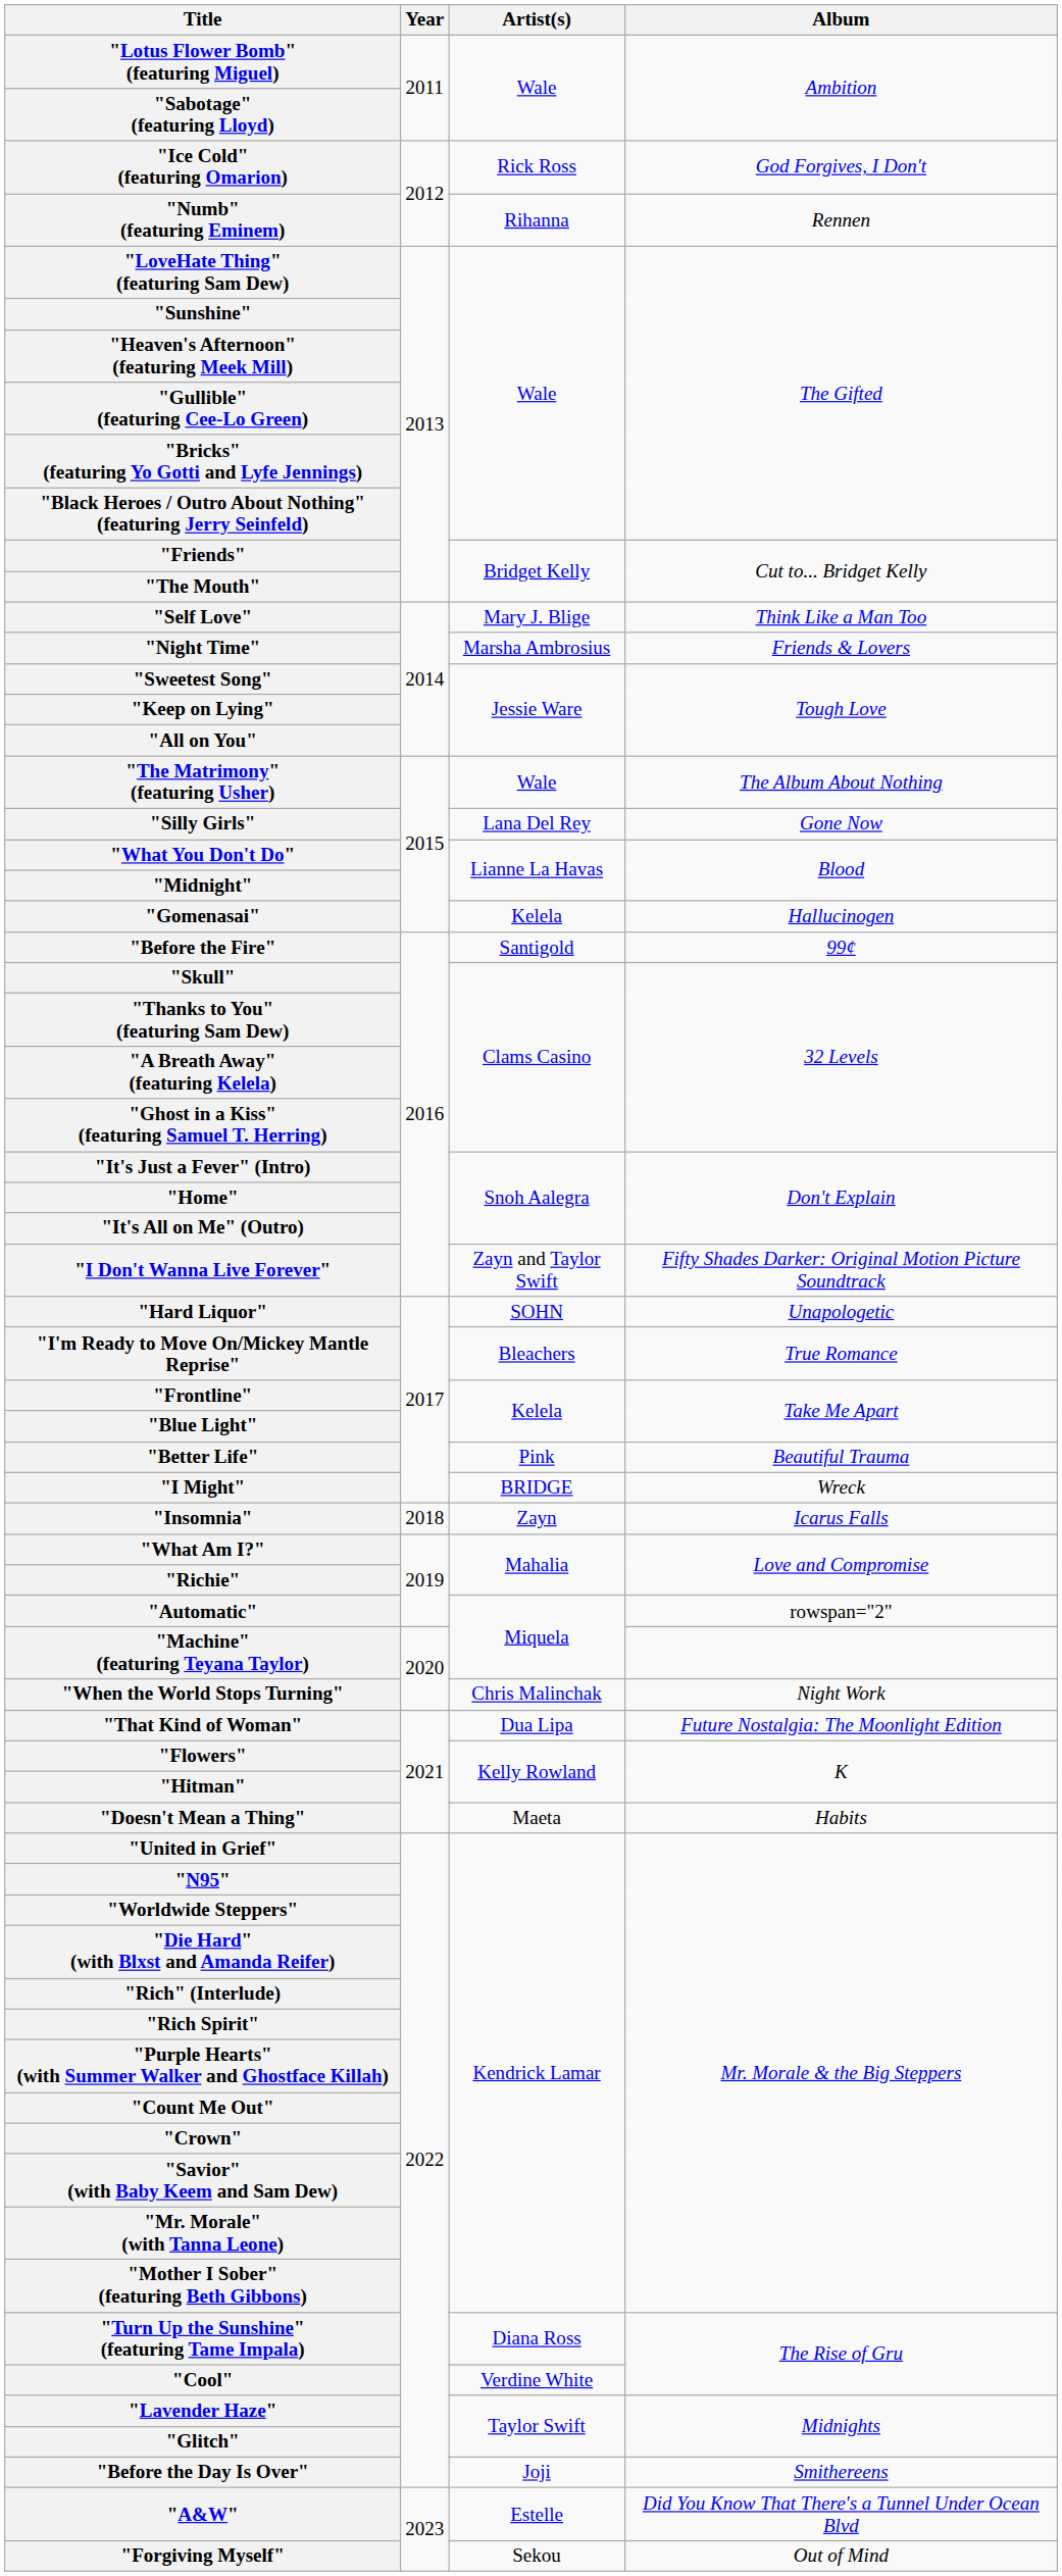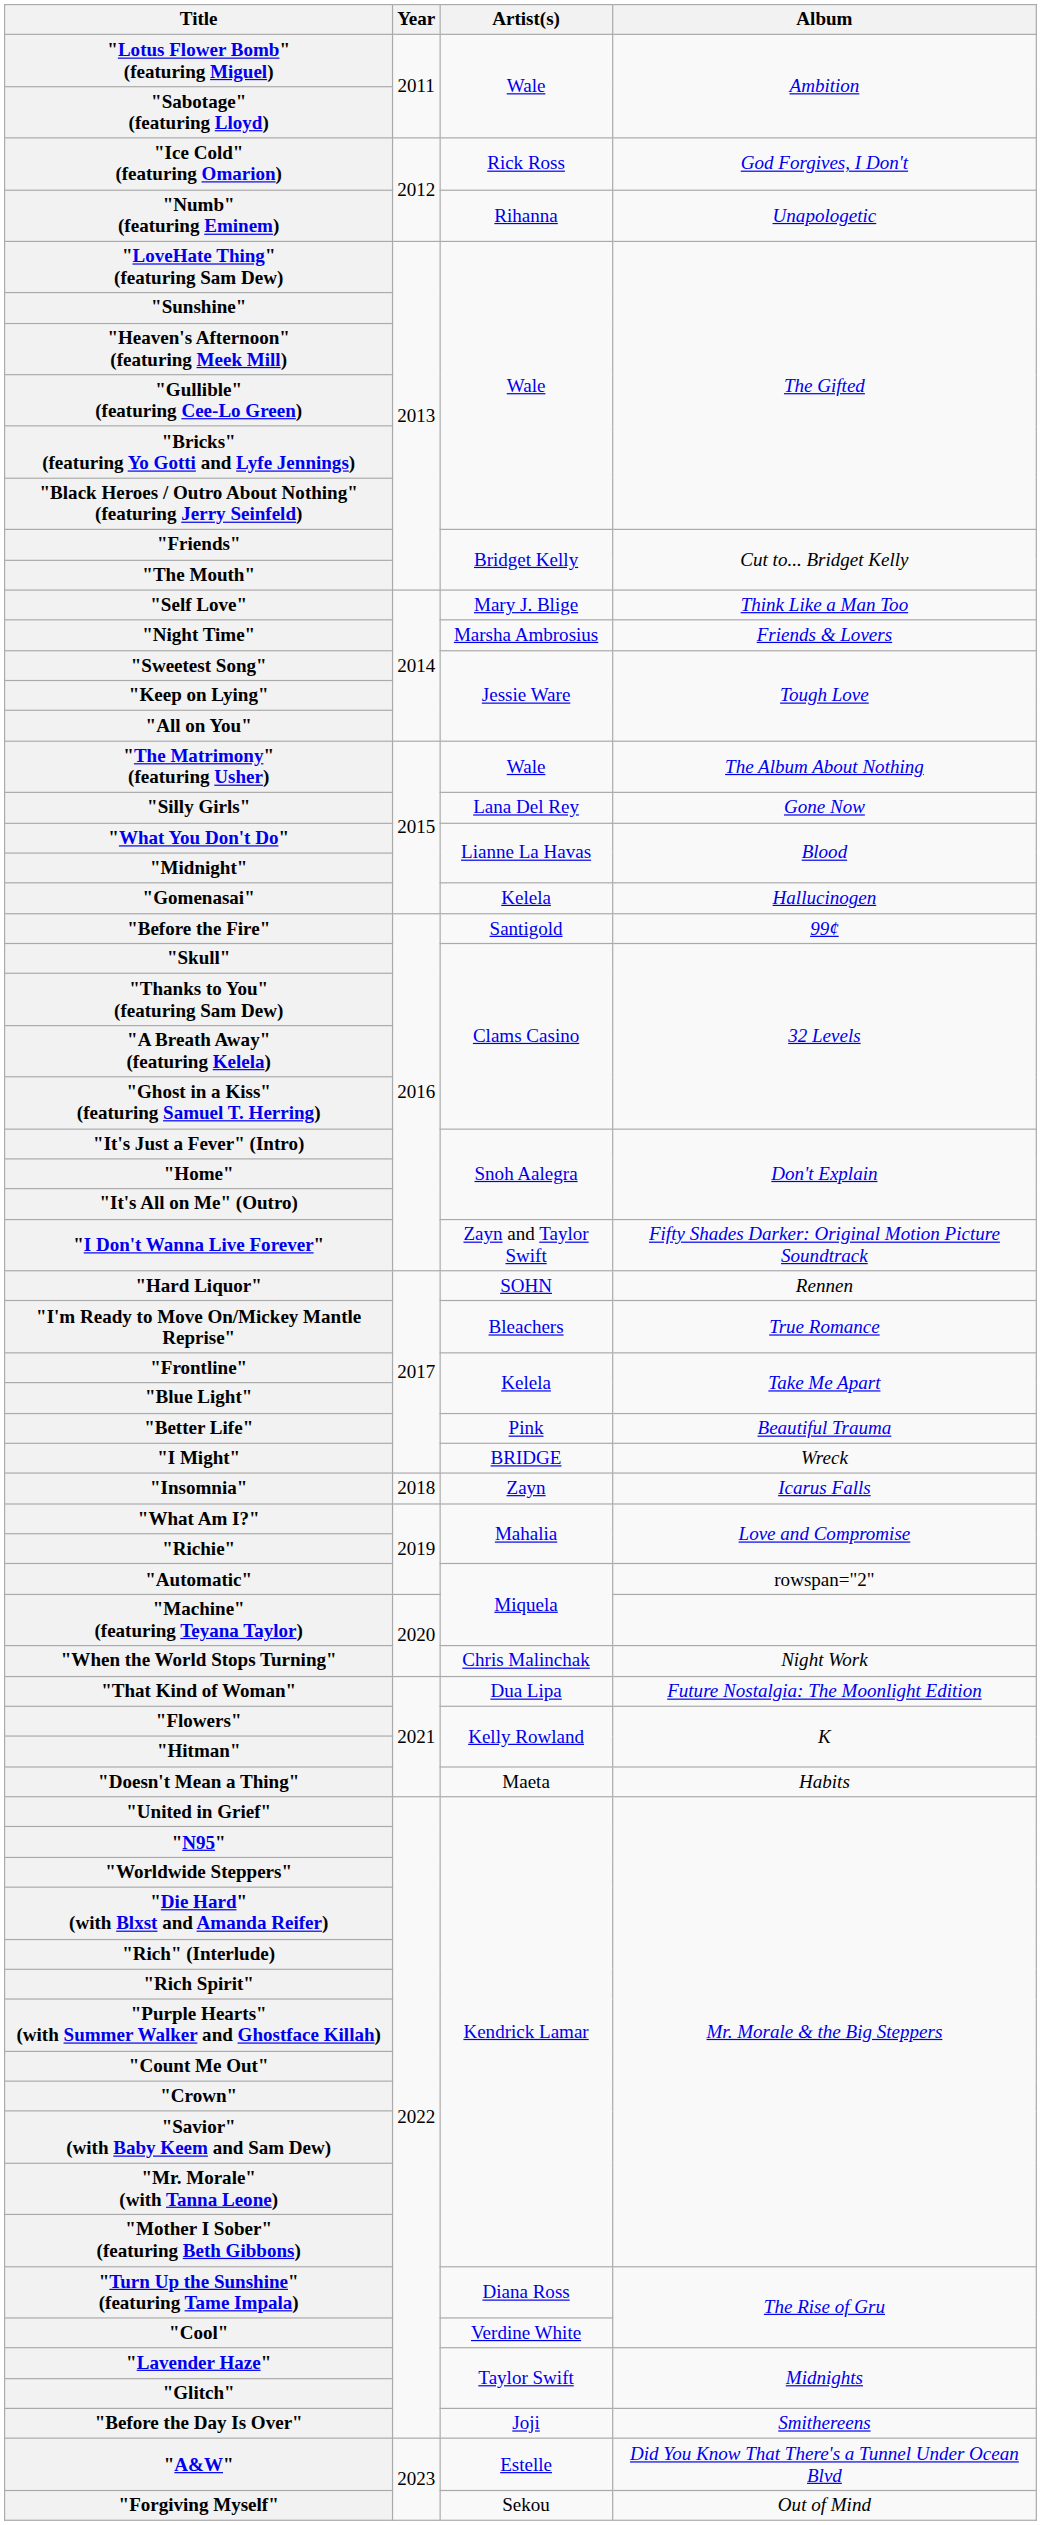 <table class="wikitable plainrowheaders" style="text-align:center;">
 <tr>
 <th>Title</th>
 <th>Year</th>
 <th>Artist(s)</th>
 <th>Album</th>
 </tr>
 <tr>
 <th scope="row">"<a href='#'>Lotus Flower Bomb</a>"<br>(featuring <a href='#'>Miguel</a>)</th>
 <td rowspan="2">2011</td>
 <td rowspan="2"><a href='#'>Wale</a></td>
 <td rowspan="2"><em><a href='#'>Ambition</a></em></td>
 </tr>
 <tr>
 <th scope="row">"Sabotage"<br>(featuring <a href='#'>Lloyd</a>)</th>
 </tr>
 <tr>
 <th scope="row">"Ice Cold"<br>(featuring <a href='#'>Omarion</a>)</th>
 <td rowspan="2">2012</td>
 <td><a href='#'>Rick Ross</a></td>
 <td><em><a href='#'>God Forgives, I Don't</a></em></td>
 </tr>
 <tr>
 <th scope="row">"Numb"<br>(featuring <a href='#'>Eminem</a>)</th>
 <td><a href='#'>Rihanna</a></td>
-<td><em>Rennen</em></td>
+<td><em><a href='#'>Unapologetic</a></em></td>
 </tr>
 <tr>
 <th scope="row">"<a href='#'>LoveHate Thing</a>"<br>(featuring Sam Dew)</th>
 <td rowspan="8">2013</td>
 <td rowspan="6"><a href='#'>Wale</a></td>
 <td rowspan="6"><em><a href='#'>The Gifted</a></em></td>
 </tr>
 <tr>
 <th scope="row">"Sunshine"</th>
 </tr>
 <tr>
 <th scope="row">"Heaven's Afternoon"<br>(featuring <a href='#'>Meek Mill</a>)</th>
 </tr>
 <tr>
 <th scope="row">"Gullible"<br>(featuring <a href='#'>Cee-Lo Green</a>)</th>
 </tr>
 <tr>
 <th scope="row">"Bricks"<br>(featuring <a href='#'>Yo Gotti</a> and <a href='#'>Lyfe Jennings</a>)</th>
 </tr>
 <tr>
 <th scope="row">"Black Heroes / Outro About Nothing"<br>(featuring <a href='#'>Jerry Seinfeld</a>)</th>
 </tr>
 <tr>
 <th scope="row">"Friends"</th>
 <td rowspan="2"><a href='#'>Bridget Kelly</a></td>
 <td rowspan="2"><em>Cut to... Bridget Kelly</em></td>
 </tr>
 <tr>
 <th scope="row">"The Mouth"</th>
 </tr>
 <tr>
 <th scope="row">"Self Love"</th>
 <td rowspan="5">2014</td>
 <td><a href='#'>Mary J. Blige</a></td>
 <td><em><a href='#'>Think Like a Man Too</a></em></td>
 </tr>
 <tr>
 <th scope="row">"Night Time"</th>
 <td><a href='#'>Marsha Ambrosius</a></td>
 <td><em><a href='#'>Friends & Lovers</a></em></td>
 </tr>
 <tr>
 <th scope="row">"Sweetest Song"</th>
 <td rowspan="3"><a href='#'>Jessie Ware</a></td>
 <td rowspan="3"><em><a href='#'>Tough Love</a></em></td>
 </tr>
 <tr>
 <th scope="row">"Keep on Lying"</th>
 </tr>
 <tr>
 <th scope="row">"All on You"</th>
 </tr>
 <tr>
 <th scope="row">"<a href='#'>The Matrimony</a>"<br>(featuring <a href='#'>Usher</a>)</th>
 <td rowspan="5">2015</td>
 <td><a href='#'>Wale</a></td>
 <td><em><a href='#'>The Album About Nothing</a></em></td>
 </tr>
 <tr>
 <th scope="row">"Silly Girls"</th>
 <td><a href='#'>Lana Del Rey</a></td>
 <td><em><a href='#'>Gone Now</a></em></td>
 </tr>
 <tr>
 <th scope="row">"<a href='#'>What You Don't Do</a>"</th>
 <td rowspan="2"><a href='#'>Lianne La Havas</a></td>
 <td rowspan="2"><em><a href='#'>Blood</a></em></td>
 </tr>
 <tr>
 <th scope="row">"Midnight"</th>
 </tr>
 <tr>
 <th scope="row">"Gomenasai"</th>
 <td><a href='#'>Kelela</a></td>
 <td><em><a href='#'>Hallucinogen</a></em></td>
 </tr>
 <tr>
 <th scope="row">"Before the Fire"</th>
 <td rowspan="9">2016</td>
 <td><a href='#'>Santigold</a></td>
 <td><em><a href='#'>99¢</a></em></td>
 </tr>
 <tr>
 <th scope="row">"Skull"</th>
 <td rowspan="4"><a href='#'>Clams Casino</a></td>
 <td rowspan="4"><em><a href='#'>32 Levels</a></em></td>
 </tr>
 <tr>
 <th scope="row">"Thanks to You"<br>(featuring Sam Dew)</th>
 </tr>
 <tr>
 <th scope="row">"A Breath Away"<br>(featuring <a href='#'>Kelela</a>)</th>
 </tr>
 <tr>
 <th scope="row">"Ghost in a Kiss"<br>(featuring <a href='#'>Samuel T. Herring</a>)</th>
 </tr>
 <tr>
 <th scope="row">"It's Just a Fever" (Intro)</th>
 <td rowspan="3"><a href='#'>Snoh Aalegra</a></td>
 <td rowspan="3"><em><a href='#'>Don't Explain</a></em></td>
 </tr>
 <tr>
 <th scope="row">"Home"</th>
 </tr>
 <tr>
 <th scope="row">"It's All on Me" (Outro)</th>
 </tr>
 <tr>
 <th scope="row">"<a href='#'>I Don't Wanna Live Forever</a>"</th>
 <td><a href='#'>Zayn</a> and <a href='#'>Taylor Swift</a></td>
 <td><em><a href='#'>Fifty Shades Darker: Original Motion Picture Soundtrack</a></em></td>
 </tr>
 <tr>
 <th scope="row">"Hard Liquor"</th>
 <td rowspan="6">2017</td>
 <td><a href='#'>SOHN</a></td>
-<td><em><a href='#'>Unapologetic</a></em></td>
+<td><em>Rennen</em></td>
 </tr>
 <tr>
 <th scope="row">"I'm Ready to Move On/Mickey Mantle Reprise"</th>
 <td><a href='#'>Bleachers</a></td>
 <td><em><a href='#'>True Romance</a></em></td>
 </tr>
 <tr>
 <th scope="row">"Frontline"</th>
 <td rowspan="2"><a href='#'>Kelela</a></td>
 <td rowspan="2"><em><a href='#'>Take Me Apart</a></em></td>
 </tr>
 <tr>
 <th scope="row">"Blue Light"</th>
 </tr>
 <tr>
 <th scope="row">"Better Life"</th>
 <td><a href='#'>Pink</a></td>
 <td><em><a href='#'>Beautiful Trauma</a></em></td>
 </tr>
 <tr>
 <th scope="row">"I Might"</th>
 <td><a href='#'>BRIDGE</a></td>
 <td><em>Wreck</em></td>
 </tr>
 <tr>
 <th scope="row">"Insomnia"</th>
 <td>2018</td>
 <td><a href='#'>Zayn</a></td>
 <td><em><a href='#'>Icarus Falls</a></em></td>
 </tr>
 <tr>
 <th scope="row">"What Am I?"</th>
 <td rowspan="3">2019</td>
 <td rowspan="2"><a href='#'>Mahalia</a></td>
 <td rowspan="2"><em><a href='#'>Love and Compromise</a></em></td>
 </tr>
 <tr>
 <th scope="row">"Richie"</th>
 </tr>
 <tr>
 <th scope="row">"Automatic"</th>
 <td rowspan="2"><a href='#'>Miquela</a></td>
 <td>rowspan="2" </td>
 </tr>
 <tr>
 <th scope="row">"Machine"<br>(featuring <a href='#'>Teyana Taylor</a>)</th>
 <td rowspan="2">2020</td>
 </tr>
 <tr>
 <th scope="row">"When the World Stops Turning"</th>
 <td><a href='#'>Chris Malinchak</a></td>
 <td><em>Night Work</em></td>
 </tr>
 <tr>
 <th scope="row">"That Kind of Woman"</th>
 <td rowspan="4">2021</td>
 <td><a href='#'>Dua Lipa</a></td>
 <td><em><a href='#'>Future Nostalgia: The Moonlight Edition</a></em></td>
 </tr>
 <tr>
 <th scope="row">"Flowers"</th>
 <td rowspan="2"><a href='#'>Kelly Rowland</a></td>
 <td rowspan="2"><em>K</em></td>
 </tr>
 <tr>
 <th scope="row">"Hitman"</th>
 </tr>
 <tr>
 <th scope="row">"Doesn't Mean a Thing"</th>
 <td>Maeta</td>
 <td><em>Habits</em></td>
 </tr>
 <tr>
 <th scope="row">"United in Grief"</th>
 <td rowspan="17">2022</td>
 <td rowspan="12"><a href='#'>Kendrick Lamar</a></td>
 <td rowspan="12"><em><a href='#'>Mr. Morale & the Big Steppers</a></em></td>
 </tr>
 <tr>
 <th scope="row">"<a href='#'>N95</a>"</th>
 </tr>
 <tr>
 <th scope="row">"Worldwide Steppers"</th>
 </tr>
 <tr>
 <th scope="row">"<a href='#'>Die Hard</a>"<br>(with <a href='#'>Blxst</a> and <a href='#'>Amanda Reifer</a>)</th>
 </tr>
 <tr>
 <th scope="row">"Rich" (Interlude)</th>
 </tr>
 <tr>
 <th scope="row">"Rich Spirit"</th>
 </tr>
 <tr>
 <th scope="row">"Purple Hearts"<br>(with <a href='#'>Summer Walker</a> and <a href='#'>Ghostface Killah</a>)</th>
 </tr>
 <tr>
 <th scope="row">"Count Me Out"</th>
 </tr>
 <tr>
 <th scope="row">"Crown"</th>
 </tr>
 <tr>
 <th scope="row">"Savior"<br>(with <a href='#'>Baby Keem</a> and Sam Dew)</th>
 </tr>
 <tr>
 <th scope="row">"Mr. Morale"<br>(with <a href='#'>Tanna Leone</a>)</th>
 </tr>
 <tr>
 <th scope="row">"Mother I Sober"<br>(featuring <a href='#'>Beth Gibbons</a>)</th>
 </tr>
 <tr>
 <th scope="row">"<a href='#'>Turn Up the Sunshine</a>"<br>(featuring <a href='#'>Tame Impala</a>)</th>
 <td><a href='#'>Diana Ross</a></td>
 <td rowspan="2"><em><a href='#'>The Rise of Gru</a></em></td>
 </tr>
 <tr>
 <th scope="row">"Cool"</th>
 <td><a href='#'>Verdine White</a></td>
 </tr>
 <tr>
 <th scope="row">"<a href='#'>Lavender Haze</a>"</th>
 <td rowspan="2"><a href='#'>Taylor Swift</a></td>
 <td rowspan="2"><em><a href='#'>Midnights</a></em></td>
 </tr>
 <tr>
 <th scope="row">"Glitch"</th>
 </tr>
 <tr>
 <th scope="row">"Before the Day Is Over"</th>
 <td><a href='#'>Joji</a></td>
 <td><em><a href='#'>Smithereens</a></em></td>
 </tr>
 <tr>
 <th scope="row">"<a href='#'>A&W</a>"</th>
 <td rowspan="2">2023</td>
 <td><a href='#'>Estelle</a></td>
 <td><em><a href='#'>Did You Know That There's a Tunnel Under Ocean Blvd</a></em></td>
 </tr>
 <tr>
 <th scope="row">"Forgiving Myself"</th>
 <td>Sekou</td>
 <td><em>Out of Mind</em></td>
 </tr>
 </table>
